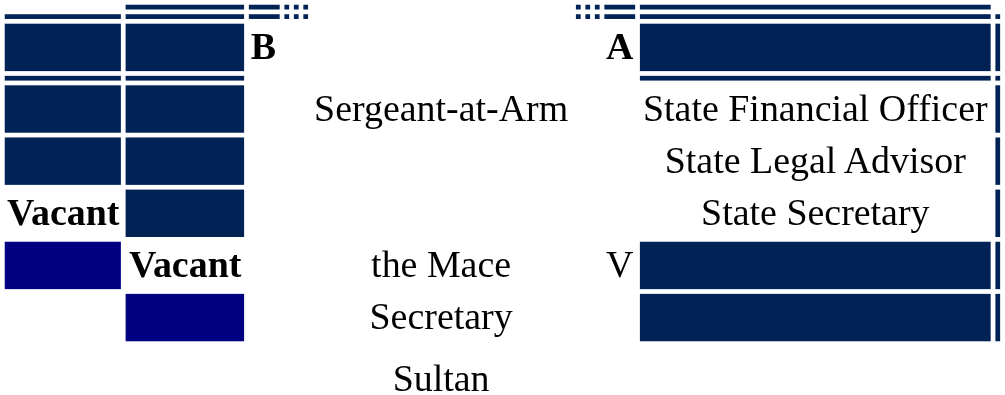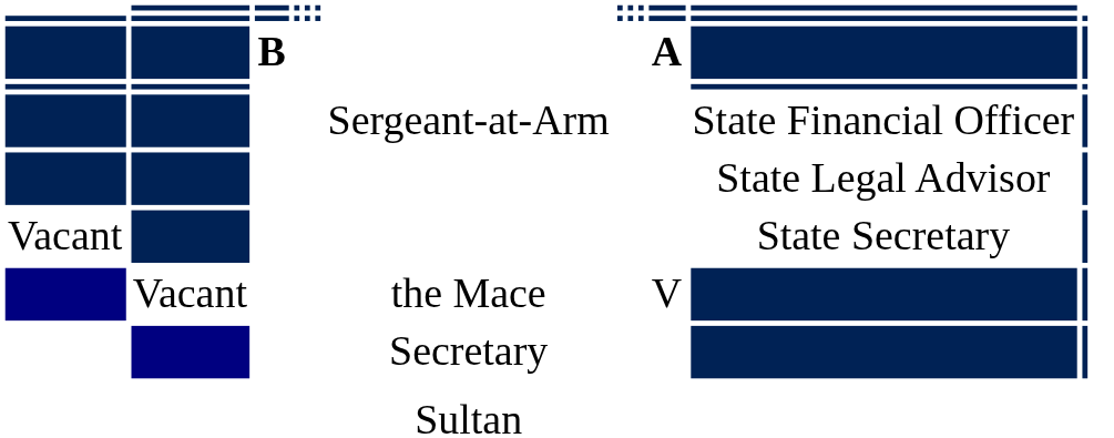 <table style="font-size:100%; text-align:center;">
 <tr>
 <td></td>
 <td style="background-color:#002255;"></td>
 <td style="background-color:#002255;"></td>
 <td style="background-color:#002255;"></td>
 <td style="background-color:#002255;"></td>
 <td style="background-color:#002255;"></td>
 <td></td>
 <td style="background-color:#002255;"></td>
 <td style="background-color:#002255;"></td>
 <td style="background-color:#002255;"></td>
 <td style="background-color:#002255;"></td>
 <td style="background-color:#002255;"></td>
 </tr>
 <tr>
 <td style="background-color:#002255;"></td>
 <td style="background-color:#002255;"></td>
 <td style="background-color:#002255;"></td>
 <td style="background-color:#002255;"></td>
 <td style="background-color:#002255;"></td>
 <td style="background-color:#002255;"></td>
 <td></td>
 <td style="background-color:#002255;"></td>
 <td style="background-color:#002255;"></td>
 <td style="background-color:#002255;"></td>
 <td style="background-color:#002255;"></td>
 <td style="background-color:#002255;"></td>
 <td style="background-color:#002255;"></td>
 </tr>
 <tr>
 <td style="background-color:#002255;"></td>
 <td style="background-color:#002255;"></td>
 <td><strong>B</strong></td>
 <td></td>
 <td></td>
 <td></td>
 <td></td>
 <td></td>
 <td></td>
 <td></td>
 <td><strong>A</strong></td>
 <td style="background-color:#002255;"></td>
 <td style="background-color:#002255;"></td>
 </tr>
 <tr>
 <td style="background-color:#002255;"></td>
 <td style="background-color:#002255;"></td>
 <td></td>
 <td></td>
 <td></td>
 <td></td>
 <td></td>
 <td></td>
 <td></td>
 <td></td>
 <td></td>
 <td style="background-color:#002255;"></td>
 <td style="background-color:#002255;"></td>
 </tr>
 <tr>
 <td style="background-color:#002255;"></td>
 <td style="background-color:#002255;"></td>
 <td></td>
 <td></td>
 <td></td>
 <td></td>
 <td>Sergeant-at-Arm</td>
 <td></td>
 <td></td>
 <td></td>
 <td></td>
 <td>State Financial Officer</td>
 <td style="background-color:#002255;"></td>
 </tr>
 <tr>
 <td style="background-color:#002255;"></td>
 <td style="background-color:#002255;"></td>
 <td></td>
 <td></td>
 <td></td>
 <td></td>
 <td></td>
 <td></td>
 <td></td>
 <td></td>
 <td></td>
 <td>State Legal Advisor</td>
 <td style="background-color:#002255;"></td>
 </tr>
 <tr>
-<td><strong>Vacant</strong></td>
+<td>Vacant</td>
 <td style="background-color:#002255;"></td>
 <td></td>
 <td></td>
 <td></td>
 <td></td>
 <td></td>
 <td></td>
 <td></td>
 <td></td>
 <td></td>
 <td>State Secretary</td>
 <td style="background-color:#002255;"></td>
 </tr>
 <tr>
 <td style="background-color:#000080;"></td>
-<td><strong>Vacant</strong></td>
+<td>Vacant</td>
 <td></td>
 <td></td>
 <td></td>
 <td></td>
 <td>the Mace</td>
 <td></td>
 <td></td>
 <td></td>
 <td>V</td>
 <td style="background-color:#002255;"></td>
 <td style="background-color:#002255;"></td>
 </tr>
 <tr>
 <td bgcolor=></td>
 <td style="background-color:#000080;"></td>
 <td></td>
 <td></td>
 <td></td>
 <td></td>
 <td>Secretary</td>
 <td></td>
 <td></td>
 <td></td>
 <td></td>
 <td style="background-color:#002255;"></td>
 <td style="background-color:#002255;"></td>
 </tr>
 <tr>
 <td></td>
 <td></td>
 <td></td>
 <td></td>
 <td></td>
 <td></td>
 <td></td>
 <td></td>
 <td></td>
 <td></td>
 <td></td>
 <td></td>
 <td></td>
 </tr>
 <tr>
 <td></td>
 <td></td>
 <td></td>
 <td></td>
 <td></td>
 <td></td>
 <td>Sultan</td>
 <td></td>
 <td></td>
 <td></td>
 <td></td>
 <td></td>
 <td></td>
 </tr>
 </table>
